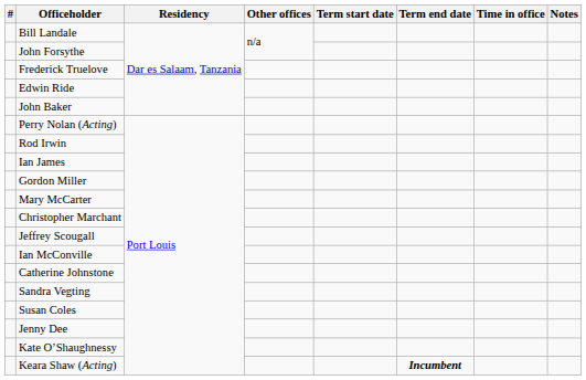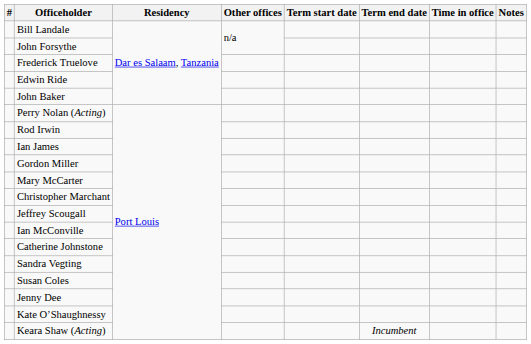 <table class='wikitable sortable'>
 <tr>
 <th>#</th>
 <th>Officeholder</th>
 <th>Residency</th>
 <th>Other offices</th>
 <th>Term start date</th>
 <th>Term end date</th>
 <th>Time in office</th>
 <th>Notes</th>
 </tr>
 <tr>
 <td align=center></td>
 <td>Bill Landale</td>
 <td rowspan=5><a href='#'>Dar es Salaam</a>, <a href='#'>Tanzania</a></td>
 <td rowspan=2>n/a</td>
 <td align=center></td>
 <td align=center></td>
 <td align=right></td>
 <td></td>
 </tr>
 <tr>
 <td align=center></td>
 <td>John Forsythe</td>
 <td align=center></td>
 <td align=center></td>
 <td align=right></td>
 <td></td>
 </tr>
 <tr>
 <td align=center></td>
 <td>Frederick Truelove</td>
 <td></td>
 <td align=center></td>
 <td align=center></td>
 <td align=right></td>
 <td></td>
 </tr>
 <tr>
 <td align=center></td>
 <td>Edwin Ride</td>
 <td></td>
 <td align=center></td>
 <td align=center></td>
 <td align=right></td>
 <td></td>
 </tr>
 <tr>
 <td align=center></td>
 <td>John Baker</td>
 <td></td>
 <td align=center></td>
 <td align=center></td>
 <td align=right></td>
 <td></td>
 </tr>
 <tr>
 <td align=center></td>
 <td>Perry Nolan (<em>Acting</em>)</td>
 <td rowspan=14><a href='#'>Port Louis</a></td>
 <td></td>
 <td align=center></td>
 <td align=center></td>
 <td align=right></td>
 <td></td>
 </tr>
 <tr>
 <td align=center></td>
 <td>Rod Irwin</td>
 <td></td>
 <td align=center></td>
 <td align=center></td>
 <td align=right></td>
 <td></td>
 </tr>
 <tr>
 <td align=center></td>
 <td>Ian James</td>
 <td></td>
 <td align=center></td>
 <td align=center></td>
 <td align=right><strong></strong></td>
 <td></td>
 </tr>
 <tr>
 <td align=center></td>
 <td>Gordon Miller</td>
 <td></td>
 <td align=center></td>
 <td align=center></td>
 <td align=right></td>
 <td></td>
 </tr>
 <tr>
 <td align=center></td>
 <td>Mary McCarter</td>
 <td></td>
 <td align=center></td>
 <td align=center></td>
 <td align=right></td>
 <td></td>
 </tr>
 <tr>
 <td align=center></td>
 <td>Christopher Marchant</td>
 <td></td>
 <td align=center></td>
 <td align=center></td>
 <td align=right></td>
 <td></td>
 </tr>
 <tr>
 <td align=center></td>
 <td>Jeffrey Scougall</td>
 <td></td>
 <td align=center></td>
 <td align=center></td>
 <td align=right></td>
 <td></td>
 </tr>
 <tr>
 <td align=center></td>
 <td>Ian McConville</td>
 <td></td>
 <td align=center></td>
 <td align=center></td>
 <td align=right></td>
 <td></td>
 </tr>
 <tr>
 <td align=center></td>
 <td>Catherine Johnstone</td>
 <td></td>
 <td align=center></td>
 <td align=center></td>
 <td align=right></td>
 <td></td>
 </tr>
 <tr>
 <td align=center></td>
 <td>Sandra Vegting</td>
 <td></td>
 <td align=center></td>
 <td align=center></td>
 <td align=right></td>
 <td></td>
 </tr>
 <tr>
 <td align=center></td>
 <td>Susan Coles</td>
 <td></td>
 <td align=center></td>
 <td align=center></td>
 <td align=right></td>
 <td></td>
 </tr>
 <tr>
 <td align=center></td>
 <td>Jenny Dee</td>
 <td></td>
 <td align=center></td>
 <td align=center></td>
 <td align=right></td>
 <td></td>
 </tr>
 <tr>
 <td align=center></td>
 <td>Kate O’Shaughnessy</td>
 <td></td>
 <td align=center></td>
 <td align=center></td>
 <td align=right></td>
 <td></td>
 </tr>
 <tr>
 <td align=center></td>
 <td>Keara Shaw (<em>Acting</em>)</td>
 <td></td>
 <td align=center></td>
-<td align=center><strong><em>Incumbent</em></strong></td>
+<td align=center><em>Incumbent</em></td>
 <td align=right></td>
 <td></td>
 </tr>
 </table>
